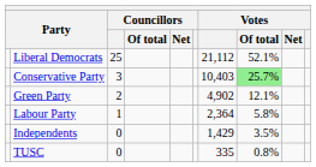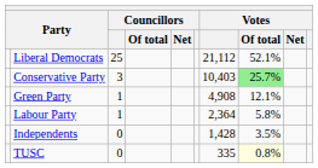 <table class="wikitable sortable" style="text-align:center;">
 <tr>
 <th colspan="10"></th>
 </tr>
 <tr>
 <th colspan="2" rowspan="2">Party</th>
 <th colspan="4">Councillors</th>
 <th colspan="4">Votes</th>
 </tr>
 <tr>
 <th></th>
 <th>Of total</th>
 <th>Net</th>
 <th class="unsortable"></th>
 <th></th>
 <th>Of total</th>
 <th>Net</th>
 <th class="unsortable"></th>
 </tr>
 <tr>
 <td style="background:"></td>
 <td style="text-align:left;"><a href='#'>Liberal Democrats</a></td>
 <td style="text-align:right;">25</td>
 <td style="text-align:right;"></td>
 <td style="text-align:right;"></td>
 <td data-sort-value=""></td>
 <td style="text-align:right;">21,112</td>
 <td style="text-align:right;">52.1%</td>
 <td style="text-align:right;"></td>
 <td></td>
 </tr>
 <tr>
 <td style="background:"></td>
 <td style="text-align:left;"><a href='#'>Conservative Party</a></td>
 <td style="text-align:right;">3</td>
 <td style="text-align:right;"></td>
 <td style="text-align:right;"></td>
 <td data-sort-value=""></td>
 <td style="text-align:right;">10,403</td>
 <td style="background: lightgreen; text-align:right;">25.7%</td>
 <td style="text-align:right;"></td>
 <td></td>
 </tr>
 <tr>
 <td style="background:"></td>
 <td style="text-align:left;"><a href='#'>Green Party</a></td>
-<td style="text-align:right;">2</td>
+<td style="text-align:right;">1</td>
 <td style="text-align:right;"></td>
 <td style="text-align:right;"></td>
 <td data-sort-value=""></td>
-<td style="text-align:right;">4,902</td>
+<td style="text-align:right;">4,908</td>
 <td style="text-align:right;">12.1%</td>
 <td style="text-align:right;"></td>
 <td></td>
 </tr>
 <tr>
 <td style="background:"></td>
 <td style="text-align:left;"><a href='#'>Labour Party</a></td>
 <td style="text-align:right;">1</td>
 <td style="text-align:right;"></td>
 <td style="text-align:right;"></td>
 <td data-sort-value=""></td>
 <td style="text-align:right;">2,364</td>
 <td style="text-align:right;">5.8%</td>
 <td style="text-align:right;"></td>
 <td></td>
 </tr>
 <tr>
 <td style="background:"></td>
 <td style="text-align:left;"><a href='#'>Independents</a></td>
 <td style="text-align:right;">0</td>
 <td style="text-align:right;"></td>
 <td style="text-align:right;"></td>
 <td data-sort-value=""></td>
-<td style="text-align:right;">1,429</td>
+<td style="text-align:right;">1,428</td>
 <td style="text-align:right;">3.5%</td>
 <td style="text-align:right;"></td>
 <td></td>
 </tr>
 <tr>
 <td style="background:"></td>
 <td style="text-align:left;"><a href='#'>TUSC</a></td>
 <td style="text-align:right;">0</td>
 <td style="text-align:right;"></td>
 <td style="text-align:right;"></td>
 <td data-sort-value=""></td>
 <td style="text-align:right;">335</td>
-<td style="text-align:right;">0.8%</td>
+<td style="background: lightyellow; text-align:right;">0.8%</td>
 <td style="text-align:right;"></td>
 <td></td>
 </tr>
 </table>
